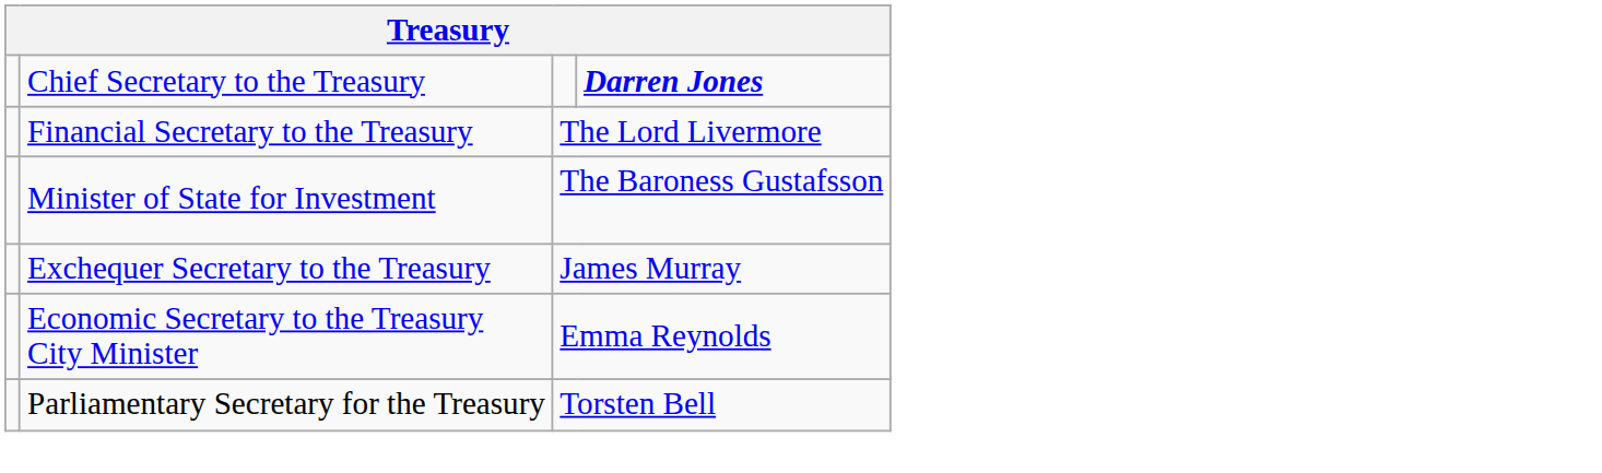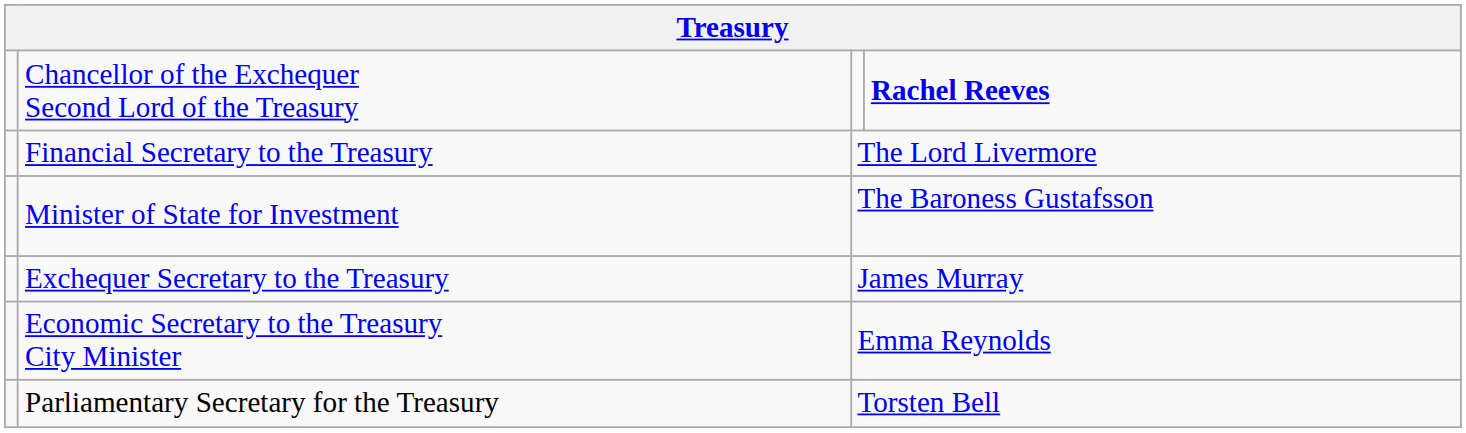 <table class="wikitable">
 <tr>
 <th colspan="4"><a href='#'>Treasury</a></th>
 </tr>
 <tr>
 <td style="background: "></td>
-<td><a href='#'>Chief Secretary to the Treasury</a></td>
+<td style="width: 450px;"><a href='#'>Chancellor of the Exchequer</a><br><a href='#'>Second Lord of the Treasury</a></td>
 <td style="background: "></td>
-<td><strong><em><a href='#'>Darren Jones</a></em></strong></td>
+<td style="width: 320px;"><strong><a href='#'>Rachel Reeves</a></strong></td>
 </tr>
 <tr>
 <td style="background: "></td>
 <td><a href='#'>Financial Secretary to the Treasury</a></td>
 <td colspan="2"><a href='#'>The Lord Livermore</a></td>
 </tr>
 <tr>
 <td style="background: "></td>
 <td><a href='#'>Minister of State for Investment</a></td>
 <td colspan=2><a href='#'>The Baroness Gustafsson</a><br><br></td>
 </tr>
 <tr>
 <td style="background: "></td>
 <td><a href='#'>Exchequer Secretary to the Treasury</a></td>
 <td colspan="2"><a href='#'>James Murray</a></td>
 </tr>
 <tr>
 <td style="background: "></td>
 <td><a href='#'>Economic Secretary to the Treasury</a><br><a href='#'>City Minister</a></td>
 <td colspan="2"><a href='#'>Emma Reynolds</a></td>
 </tr>
 <tr>
 <td style="background: "></td>
 <td>Parliamentary Secretary for the Treasury</td>
 <td colspan="2"><a href='#'>Torsten Bell</a><br></td>
 </tr>
 </table>
